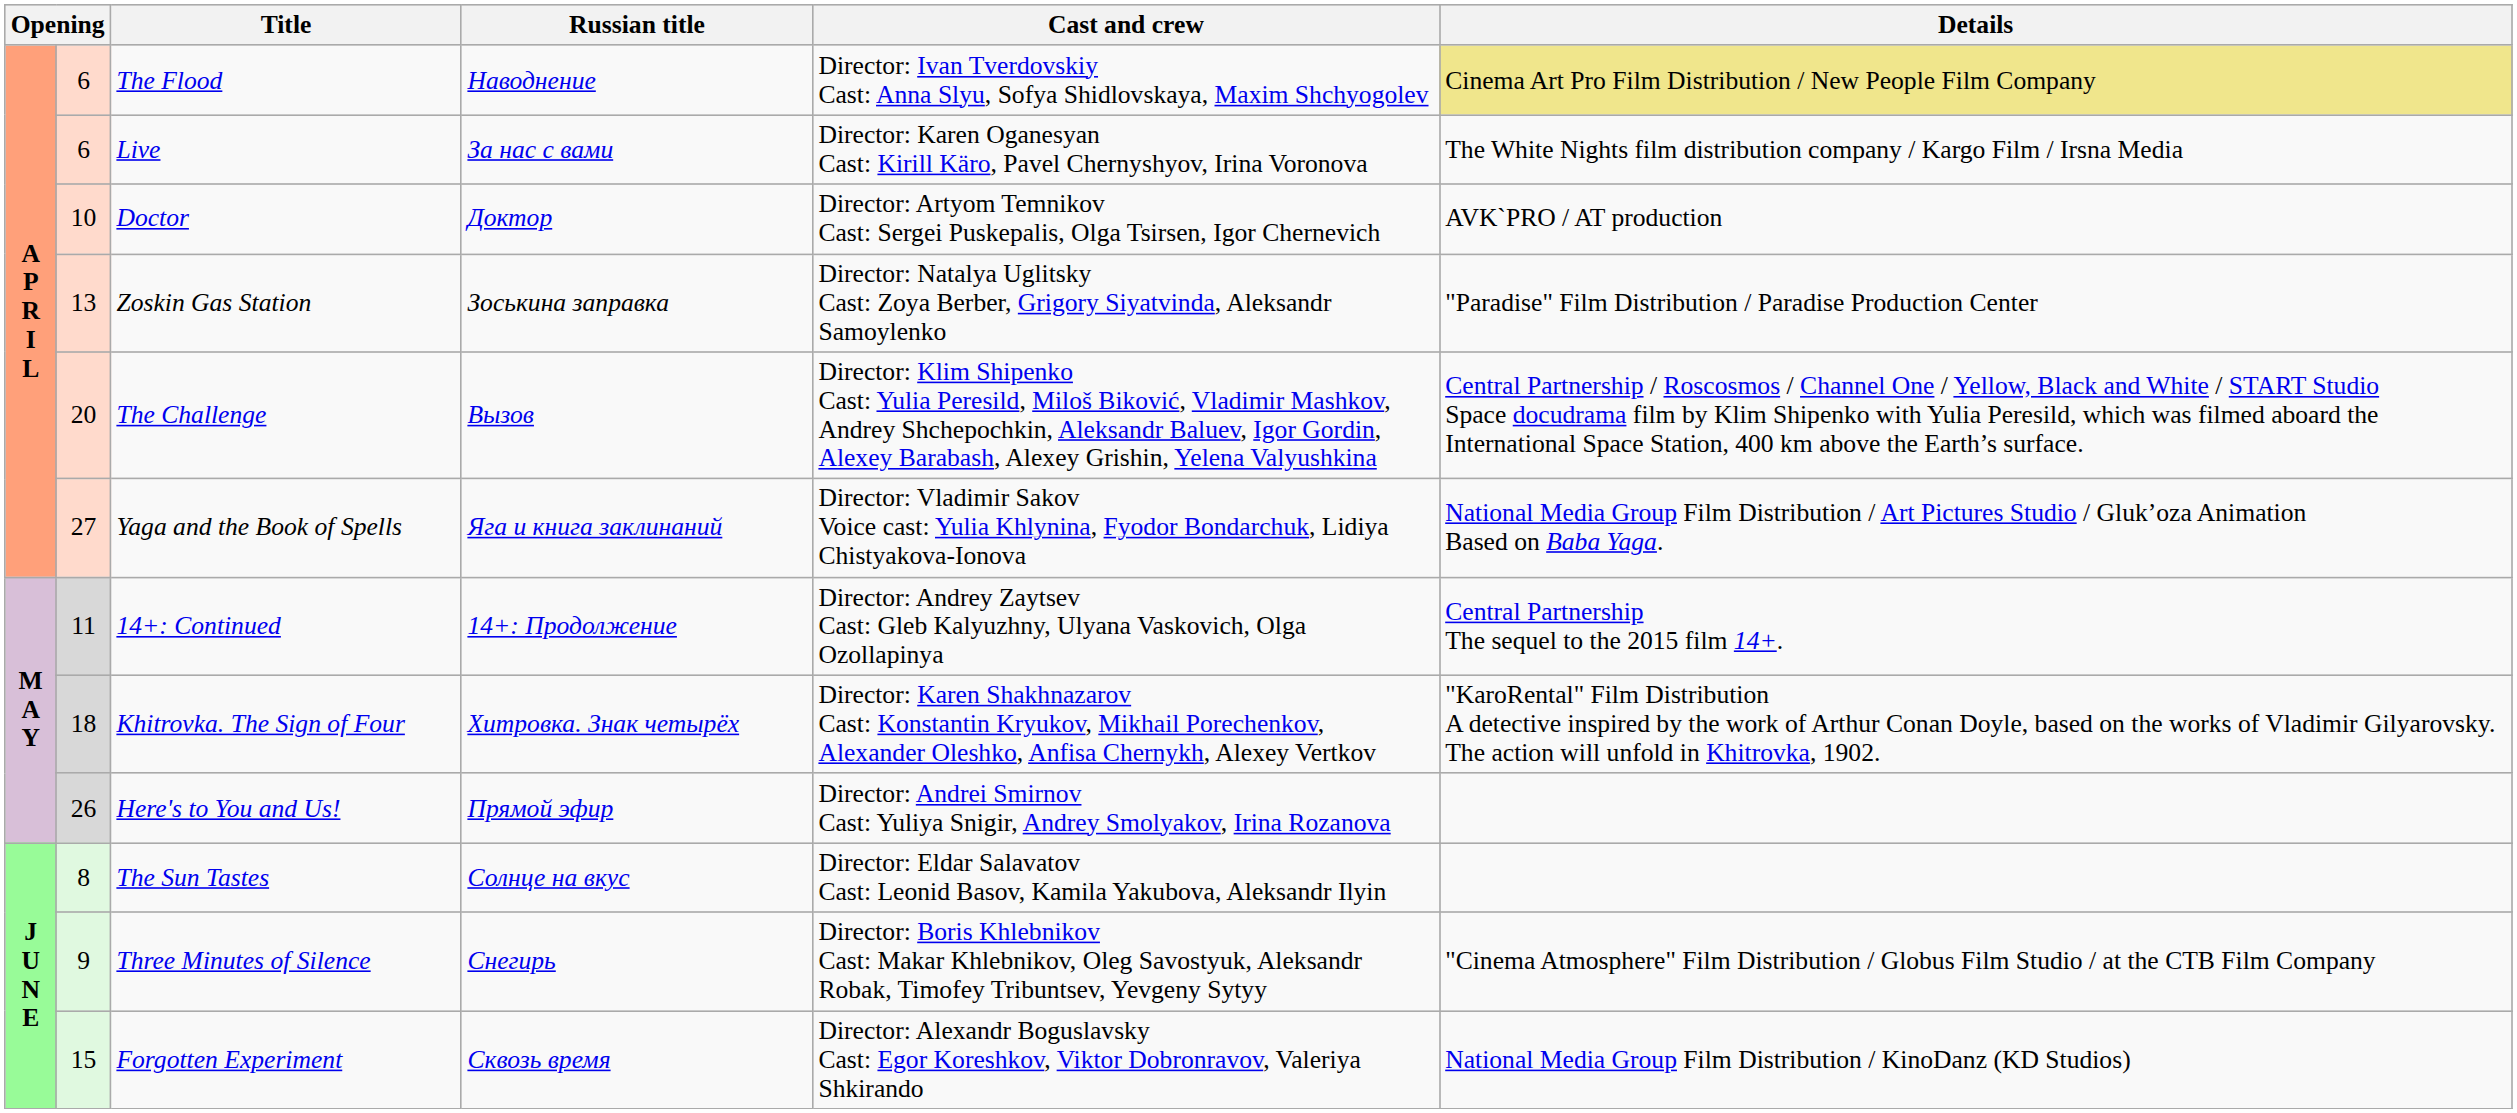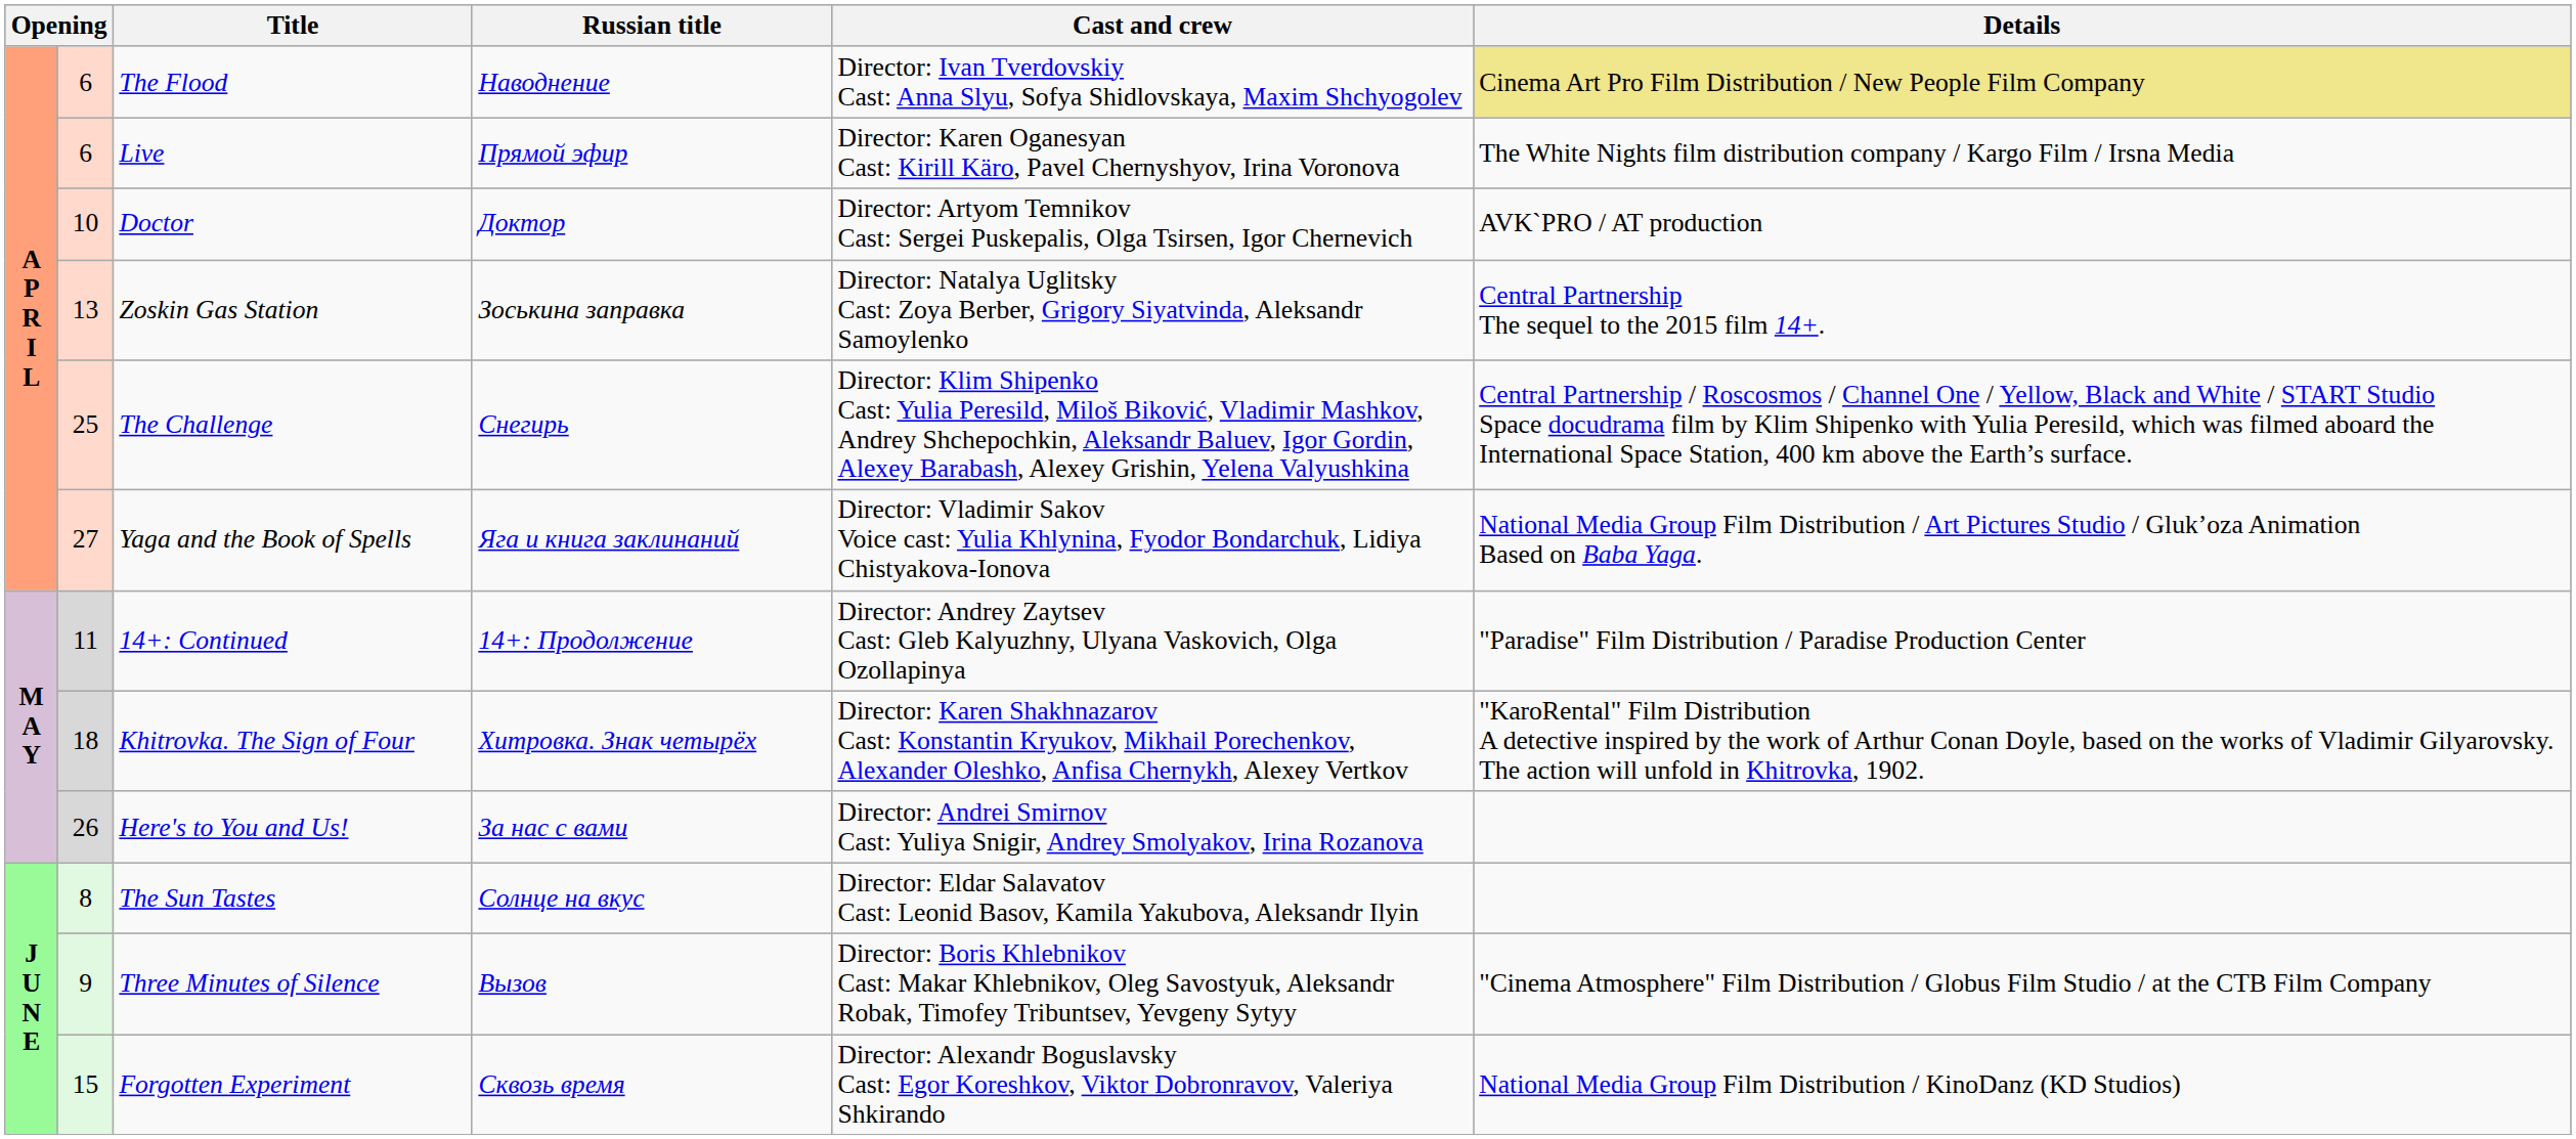 <table class="wikitable">
 <tr>
 <th colspan="2">Opening</th>
 <th style="width:14%;">Title</th>
 <th style="width:14%;">Russian title</th>
 <th style="width:25%;">Cast and crew</th>
 <th>Details</th>
 </tr>
 <tr>
 <th rowspan="6" align="center" style="background:#ffa07a; textcolor:#000;">A<br>P<br>R<br>I<br>L</th>
 <td align="center" style="background:#ffdacc;">6</td>
 <td><em><a href='#'>The Flood</a></em></td>
 <td><em><a href='#'>Наводнение</a></em></td>
 <td>Director: <a href='#'>Ivan Tverdovskiy</a> <br> Cast: <a href='#'>Anna Slyu</a>, Sofya Shidlovskaya, <a href='#'>Maxim Shchyogolev</a></td>
 <td style="background: khaki;">Cinema Art Pro Film Distribution / New People Film Company</td>
 </tr>
 <tr>
 <td align="center" style="background:#ffdacc;">6</td>
 <td><em><a href='#'>Live</a></em></td>
-<td><em><a href='#'>За нас с вами</a></em></td>
+<td><em><a href='#'>Прямой эфир</a></em></td>
 <td>Director: Karen Oganesyan <br> Cast: <a href='#'>Kirill Käro</a>, Pavel Chernyshyov, Irina Voronova</td>
 <td>The White Nights film distribution company / Kargo Film / Irsna Media</td>
 </tr>
 <tr>
 <td align="center" style="background:#ffdacc;">10</td>
 <td><em><a href='#'>Doctor</a></em></td>
 <td><em><a href='#'>Доктор</a></em></td>
 <td>Director: Artyom Temnikov <br> Cast: Sergei Puskepalis, Olga Tsirsen, Igor Chernevich</td>
 <td>AVK`PRO / AT production</td>
 </tr>
 <tr>
 <td align="center" style="background:#ffdacc;">13</td>
 <td><em>Zoskin Gas Station</em></td>
 <td><em>Зоськина заправка</em></td>
 <td>Director: Natalya Uglitsky <br> Cast: Zoya Berber, <a href='#'>Grigory Siyatvinda</a>, Aleksandr Samoylenko</td>
-<td>"Paradise" Film Distribution / Paradise Production Center</td>
+<td><a href='#'>Central Partnership</a> <br> The sequel to the 2015 film <em><a href='#'>14+</a></em>.</td>
 </tr>
 <tr>
-<td align="center" style="background:#ffdacc;">20</td>
+<td align="center" style="background:#ffdacc;">25</td>
 <td><em><a href='#'>The Challenge</a></em></td>
-<td><em><a href='#'>Вызов</a></em></td>
+<td><em><a href='#'>Снегирь</a></em></td>
 <td>Director: <a href='#'>Klim Shipenko</a> <br> Cast: <a href='#'>Yulia Peresild</a>, <a href='#'>Miloš Biković</a>, <a href='#'>Vladimir Mashkov</a>, Andrey Shchepochkin, <a href='#'>Aleksandr Baluev</a>, <a href='#'>Igor Gordin</a>, <a href='#'>Alexey Barabash</a>, Alexey Grishin, <a href='#'>Yelena Valyushkina</a></td>
 <td><a href='#'>Central Partnership</a> / <a href='#'>Roscosmos</a> / <a href='#'>Channel One</a> / <a href='#'>Yellow, Black and White</a> / <a href='#'>START Studio</a> <br> Space <a href='#'>docudrama</a> film by Klim Shipenko with Yulia Peresild, which was filmed aboard the International Space Station, 400 km above the Earth’s surface.</td>
 </tr>
 <tr>
 <td align="center" style="background:#ffdacc;">27</td>
 <td><em>Yaga and the Book of Spells</em></td>
 <td><em><a href='#'>Яга и книга заклинаний</a></em></td>
 <td>Director: Vladimir Sakov <br> Voice cast: <a href='#'>Yulia Khlynina</a>, <a href='#'>Fyodor Bondarchuk</a>, Lidiya Chistyakova-Ionova</td>
 <td><a href='#'>National Media Group</a> Film Distribution / <a href='#'>Art Pictures Studio</a> / Gluk’oza Animation <br> Based on <em><a href='#'>Baba Yaga</a></em>.</td>
 </tr>
 <tr>
 <th rowspan="3" align="center" style="background:thistle; textcolor:#000;">M<br>A<br>Y</th>
 <td align="center" style="background:#d8d8d8;">11</td>
 <td><em><a href='#'>14+: Continued</a></em></td>
 <td><em><a href='#'>14+: Продолжение</a></em></td>
 <td>Director: Andrey Zaytsev <br> Cast: Gleb Kalyuzhny, Ulyana Vaskovich, Olga Ozollapinya</td>
-<td><a href='#'>Central Partnership</a> <br> The sequel to the 2015 film <em><a href='#'>14+</a></em>.</td>
+<td>"Paradise" Film Distribution / Paradise Production Center</td>
 </tr>
 <tr>
 <td align="center" style="background:#d8d8d8;">18</td>
 <td><em><a href='#'>Khitrovka. The Sign of Four</a></em></td>
 <td><em><a href='#'>Хитровка. Знак четырёх</a></em></td>
 <td>Director: <a href='#'>Karen Shakhnazarov</a> <br> Cast: <a href='#'>Konstantin Kryukov</a>, <a href='#'>Mikhail Porechenkov</a>, <a href='#'>Alexander Oleshko</a>, <a href='#'>Anfisa Chernykh</a>, Alexey Vertkov</td>
 <td>"KaroRental" Film Distribution <br> A detective inspired by the work of Arthur Conan Doyle, based on the works of Vladimir Gilyarovsky. The action will unfold in <a href='#'>Khitrovka</a>, 1902.</td>
 </tr>
 <tr>
 <td align="center" style="background:#d8d8d8;">26</td>
 <td><em><a href='#'>Here's to You and Us!</a></em></td>
-<td><em><a href='#'>Прямой эфир</a></em></td>
+<td><em><a href='#'>За нас с вами</a></em></td>
 <td>Director: <a href='#'>Andrei Smirnov</a> <br> Cast: Yuliya Snigir, <a href='#'>Andrey Smolyakov</a>, <a href='#'>Irina Rozanova</a></td>
 <td></td>
 </tr>
 <tr>
 <th rowspan="3" style="text-align:center; background:#98fb98; textcolor:#000;">J<br>U<br>N<br>E</th>
 <td style="text-align:center; background:#e0f9e0;">8</td>
 <td><em><a href='#'>The Sun Tastes</a></em></td>
 <td><em><a href='#'>Солнце на вкус</a></em></td>
 <td>Director: Eldar Salavatov <br> Cast: Leonid Basov, Kamila Yakubova, Aleksandr Ilyin</td>
 <td></td>
 </tr>
 <tr>
 <td style="text-align:center; background:#e0f9e0;">9</td>
 <td><em><a href='#'>Three Minutes of Silence</a></em></td>
-<td><em><a href='#'>Снегирь</a></em></td>
+<td><em><a href='#'>Вызов</a></em></td>
 <td>Director: <a href='#'>Boris Khlebnikov</a> <br> Cast: Makar Khlebnikov, Oleg Savostyuk, Aleksandr Robak, Timofey Tribuntsev, Yevgeny Sytyy</td>
 <td>"Cinema Atmosphere" Film Distribution / Globus Film Studio /  at the CTB Film Company</td>
 </tr>
 <tr>
 <td style="text-align:center; background:#e0f9e0;">15</td>
 <td><em><a href='#'>Forgotten Experiment</a></em></td>
 <td><em><a href='#'>Сквозь время</a></em></td>
 <td>Director: Alexandr Boguslavsky <br> Cast: <a href='#'>Egor Koreshkov</a>, <a href='#'>Viktor Dobronravov</a>, Valeriya Shkirando</td>
 <td><a href='#'>National Media Group</a> Film Distribution / KinoDanz (KD Studios)</td>
 </tr>
 </table>
